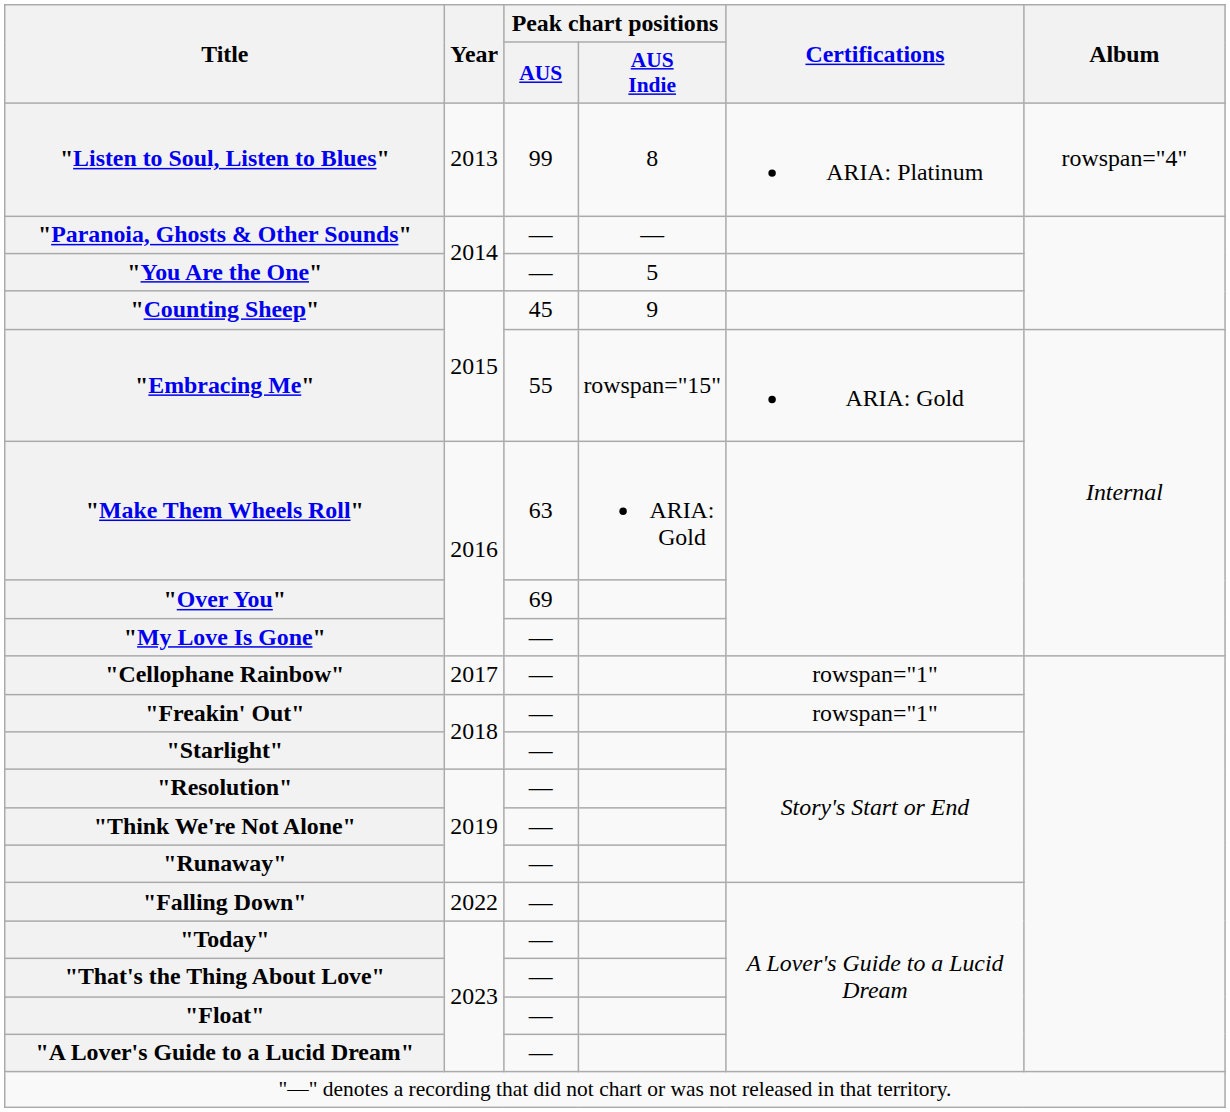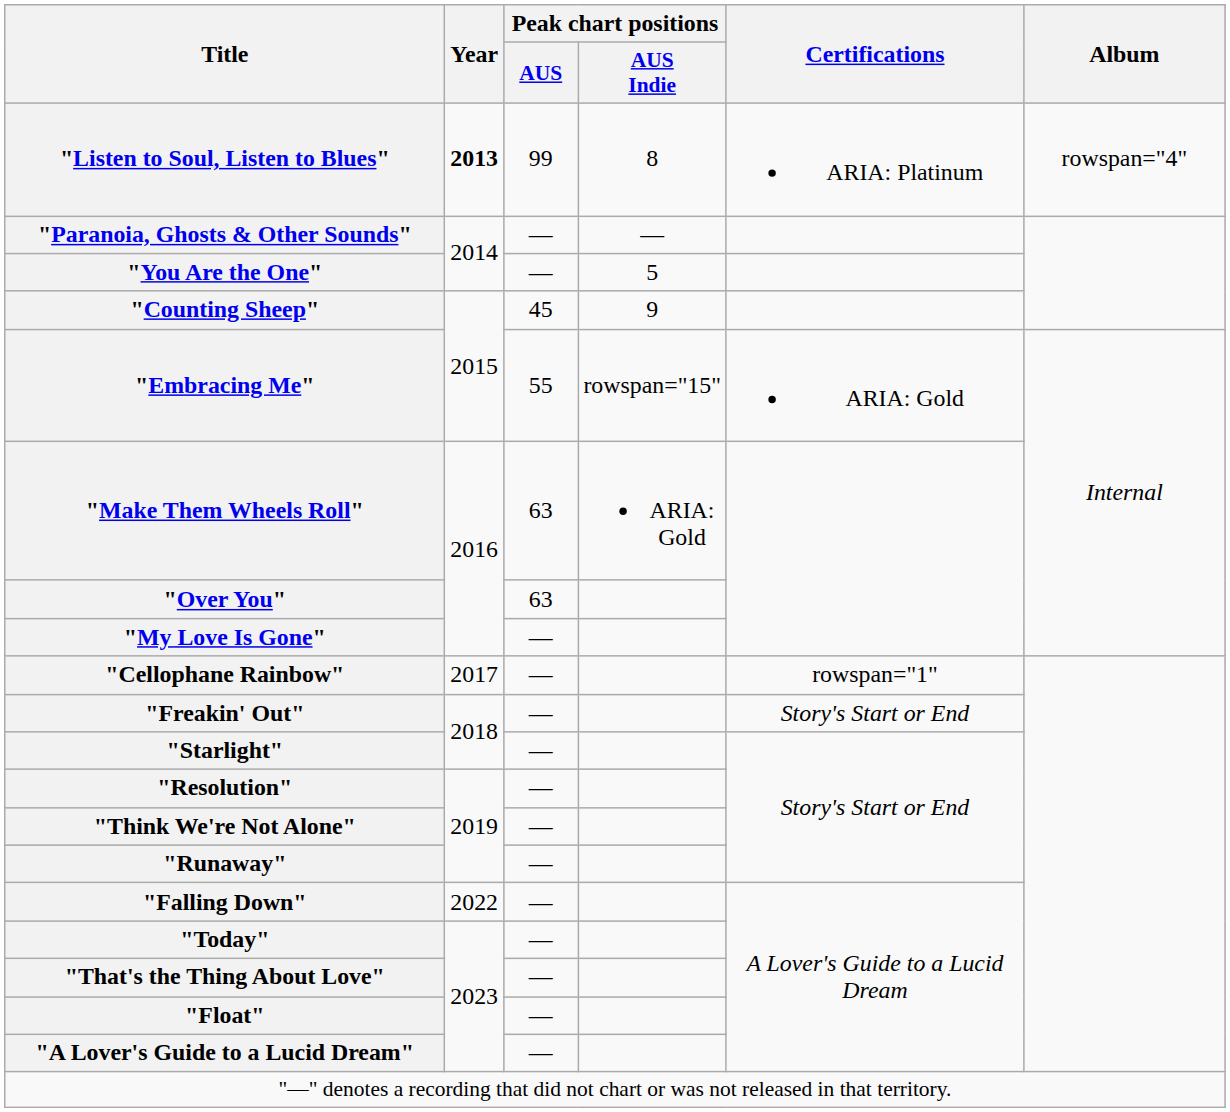 <table class="wikitable plainrowheaders" style=text-align:center;>
 <tr>
 <th scope="col" rowspan="2" style="width:18em;">Title</th>
 <th scope="col" rowspan="2" style="width:1em;">Year</th>
 <th scope="col" colspan="2">Peak chart positions</th>
 <th scope="col" rowspan="2" style="width:12em;"><a href='#'>Certifications</a></th>
 <th scope="col" rowspan="2" style="width:8em;">Album</th>
 </tr>
 <tr>
 <th scope="col" style="width:3em;font-size:90%;"><a href='#'>AUS</a><br></th>
 <th scope="col" style="width:3em;font-size:90%;"><a href='#'>AUS<br>Indie</a><br></th>
 </tr>
 <tr>
 <th scope="row">"<a href='#'>Listen to Soul, Listen to Blues</a>"</th>
-<td>2013</td>
+<td><strong>2013</strong></td>
 <td>99</td>
 <td>8</td>
 <td><br><ul><li>ARIA: Platinum</li></ul></td>
 <td>rowspan="4" </td>
 </tr>
 <tr>
 <th scope="row">"<a href='#'>Paranoia, Ghosts & Other Sounds</a>"</th>
 <td rowspan="2">2014</td>
 <td>—</td>
 <td>—</td>
 <td></td>
 </tr>
 <tr>
 <th scope="row">"<a href='#'>You Are the One</a>"</th>
 <td>—</td>
 <td>5</td>
 <td></td>
 </tr>
 <tr>
 <th scope="row">"<a href='#'>Counting Sheep</a>"</th>
 <td rowspan="2">2015</td>
 <td>45</td>
 <td>9</td>
 <td></td>
 </tr>
 <tr>
 <th scope="row">"<a href='#'>Embracing Me</a>"</th>
 <td>55</td>
 <td>rowspan="15" </td>
 <td><br><ul><li>ARIA: Gold</li></ul></td>
 <td rowspan="4"><em>Internal</em></td>
 </tr>
 <tr>
 <th scope="row">"<a href='#'>Make Them Wheels Roll</a>"</th>
 <td rowspan="3">2016</td>
 <td>63</td>
 <td><br><ul><li>ARIA: Gold</li></ul></td>
 </tr>
 <tr>
 <th scope="row">"<a href='#'>Over You</a>"</th>
-<td>69</td>
+<td>63</td>
 <td></td>
 </tr>
 <tr>
 <th scope="row">"<a href='#'>My Love Is Gone</a>"</th>
 <td>—</td>
 <td></td>
 </tr>
 <tr>
 <th scope="row">"Cellophane Rainbow"</th>
 <td>2017</td>
 <td>—</td>
 <td></td>
 <td>rowspan="1" </td>
 </tr>
 <tr>
 <th scope="row">"Freakin' Out"</th>
 <td rowspan="2">2018</td>
 <td>—</td>
 <td></td>
-<td>rowspan="1" </td>
+<td rowspan="1"><em>Story's Start or End</em></td>
 </tr>
 <tr>
 <th scope="row">"Starlight"</th>
 <td>—</td>
 <td></td>
 <td rowspan="4"><em>Story's Start or End</em></td>
 </tr>
 <tr>
 <th scope="row">"Resolution"</th>
 <td rowspan="3">2019</td>
 <td>—</td>
 <td></td>
 </tr>
 <tr>
 <th scope="row">"Think We're Not Alone"</th>
 <td>—</td>
 <td></td>
 </tr>
 <tr>
 <th scope="row">"Runaway"</th>
 <td>—</td>
 <td></td>
 </tr>
 <tr>
 <th scope="row">"Falling Down"</th>
 <td>2022</td>
 <td>—</td>
 <td></td>
 <td rowspan="5"><em>A Lover's Guide to a Lucid Dream</em></td>
 </tr>
 <tr>
 <th scope="row">"Today"</th>
 <td rowspan="4">2023</td>
 <td>—</td>
 <td></td>
 </tr>
 <tr>
 <th scope="row">"That's the Thing About Love"</th>
 <td>—</td>
 <td></td>
 </tr>
 <tr>
 <th scope="row">"Float"</th>
 <td>—</td>
 <td></td>
 </tr>
 <tr>
 <th scope="row">"A Lover's Guide to a Lucid Dream"</th>
 <td>—</td>
 <td></td>
 </tr>
 <tr>
 <td colspan="8" style="font-size:90%">"—" denotes a recording that did not chart or was not released in that territory.</td>
 </tr>
 </table>
